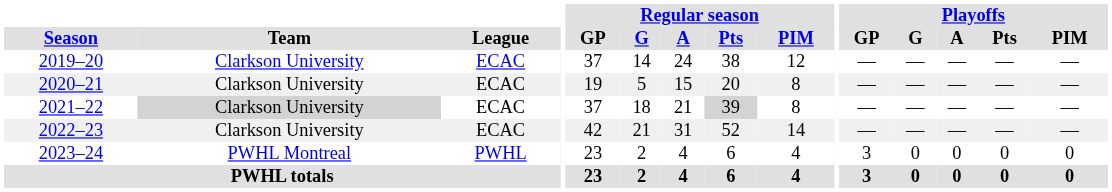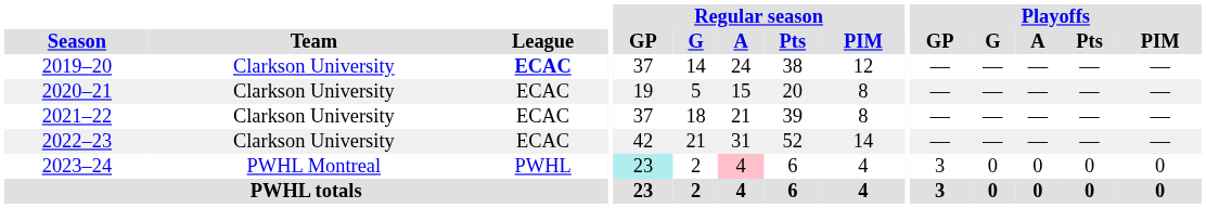 <table border="0" cellpadding="1" cellspacing="0" style="text-align:center; width:60em">
 <tr bgcolor="#e0e0e0">
 <th colspan="3" bgcolor="#ffffff"></th>
 <th rowspan="97" bgcolor="#ffffff"></th>
 <th colspan="5"><a href='#'>Regular season</a></th>
 <th rowspan="97" bgcolor="#ffffff"></th>
 <th colspan="5"><a href='#'>Playoffs</a></th>
 </tr>
 <tr bgcolor="#e0e0e0">
 <th><a href='#'>Season</a></th>
 <th>Team</th>
 <th>League</th>
 <th>GP</th>
 <th><a href='#'>G</a></th>
 <th><a href='#'>A</a></th>
 <th><a href='#'>Pts</a></th>
 <th><a href='#'>PIM</a></th>
 <th>GP</th>
 <th>G</th>
 <th>A</th>
 <th>Pts</th>
 <th>PIM</th>
 </tr>
 <tr>
 <td><a href='#'>2019–20</a></td>
 <td><a href='#'>Clarkson University</a></td>
-<td><a href='#'>ECAC</a></td>
+<td><strong><a href='#'>ECAC</a></strong></td>
 <td>37</td>
 <td>14</td>
 <td>24</td>
 <td>38</td>
 <td>12</td>
 <td>—</td>
 <td>—</td>
 <td>—</td>
 <td>—</td>
 <td>—</td>
 </tr>
 <tr bgcolor="#f0f0f0">
 <td><a href='#'>2020–21</a></td>
 <td>Clarkson University</td>
 <td>ECAC</td>
 <td>19</td>
 <td>5</td>
 <td>15</td>
 <td>20</td>
 <td>8</td>
 <td>—</td>
 <td>—</td>
 <td>—</td>
 <td>—</td>
 <td>—</td>
 </tr>
 <tr>
 <td><a href='#'>2021–22</a></td>
-<td style="background: lightgrey;">Clarkson University</td>
+<td>Clarkson University</td>
 <td>ECAC</td>
 <td>37</td>
 <td>18</td>
 <td>21</td>
-<td style="background: lightgrey;">39</td>
+<td>39</td>
 <td>8</td>
 <td>—</td>
 <td>—</td>
 <td>—</td>
 <td>—</td>
 <td>—</td>
 </tr>
 <tr bgcolor="#f0f0f0">
 <td><a href='#'>2022–23</a></td>
 <td>Clarkson University</td>
 <td>ECAC</td>
 <td>42</td>
 <td>21</td>
 <td>31</td>
 <td>52</td>
 <td>14</td>
 <td>—</td>
 <td>—</td>
 <td>—</td>
 <td>—</td>
 <td>—</td>
 </tr>
 <tr>
 <td><a href='#'>2023–24</a></td>
 <td><a href='#'>PWHL Montreal</a></td>
 <td><a href='#'>PWHL</a></td>
-<td>23</td>
+<td style="background: paleturquoise;">23</td>
 <td>2</td>
-<td>4</td>
+<td style="background: pink;">4</td>
 <td>6</td>
 <td>4</td>
 <td>3</td>
 <td>0</td>
 <td>0</td>
 <td>0</td>
 <td>0</td>
 </tr>
 <tr bgcolor="#e0e0e0">
 <th colspan="3">PWHL totals</th>
 <th>23</th>
 <th>2</th>
 <th>4</th>
 <th>6</th>
 <th>4</th>
 <th>3</th>
 <th>0</th>
 <th>0</th>
 <th>0</th>
 <th>0</th>
 </tr>
 </table>
